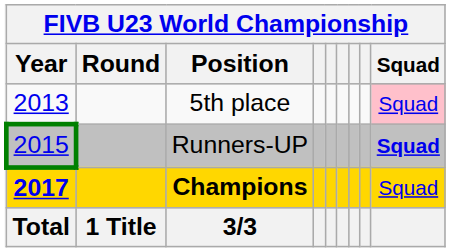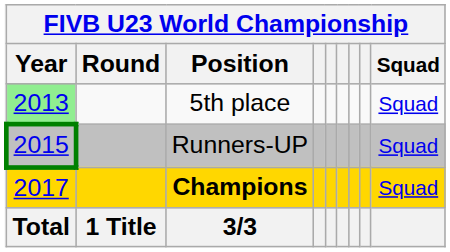 <table class="wikitable" style="text-align: center;">
 <tr>
 <th colspan=9><a href='#'>FIVB U23 World Championship</a></th>
 </tr>
 <tr>
 <th>Year</th>
 <th>Round</th>
 <th>Position</th>
 <th></th>
 <th></th>
 <th></th>
 <th></th>
 <th></th>
 <th><small>Squad</small></th>
 </tr>
 <tr>
-<td> <a href='#'>2013</a></td>
+<td style="background: lightgreen;"> <a href='#'>2013</a></td>
 <td></td>
 <td>5th place</td>
 <td></td>
 <td></td>
 <td></td>
 <td></td>
 <td></td>
-<td style="background: pink;"><small> <a href='#'>Squad</a></small></td>
+<td><small> <a href='#'>Squad</a></small></td>
 </tr>
 <tr bgcolor=silver>
 <td style="border:3px solid green"> <a href='#'>2015</a></td>
 <td></td>
 <td>Runners-UP</td>
 <td></td>
 <td></td>
 <td></td>
 <td></td>
 <td></td>
-<td><strong><small><a href='#'>Squad</a></small></strong></td>
+<td><small><a href='#'>Squad</a></small></td>
 </tr>
 <tr bgcolor=gold>
-<td><strong> <a href='#'>2017</a></strong></td>
+<td> <a href='#'>2017</a></td>
 <td></td>
 <td><strong>Champions</strong></td>
 <td></td>
 <td></td>
 <td></td>
 <td></td>
 <td></td>
 <td><small><a href='#'>Squad</a></small></td>
 </tr>
 <tr>
 <th>Total</th>
 <th>1 Title</th>
 <th>3/3</th>
 <th></th>
 <th></th>
 <th></th>
 <th></th>
 <th></th>
 <th></th>
 </tr>
 </table>
